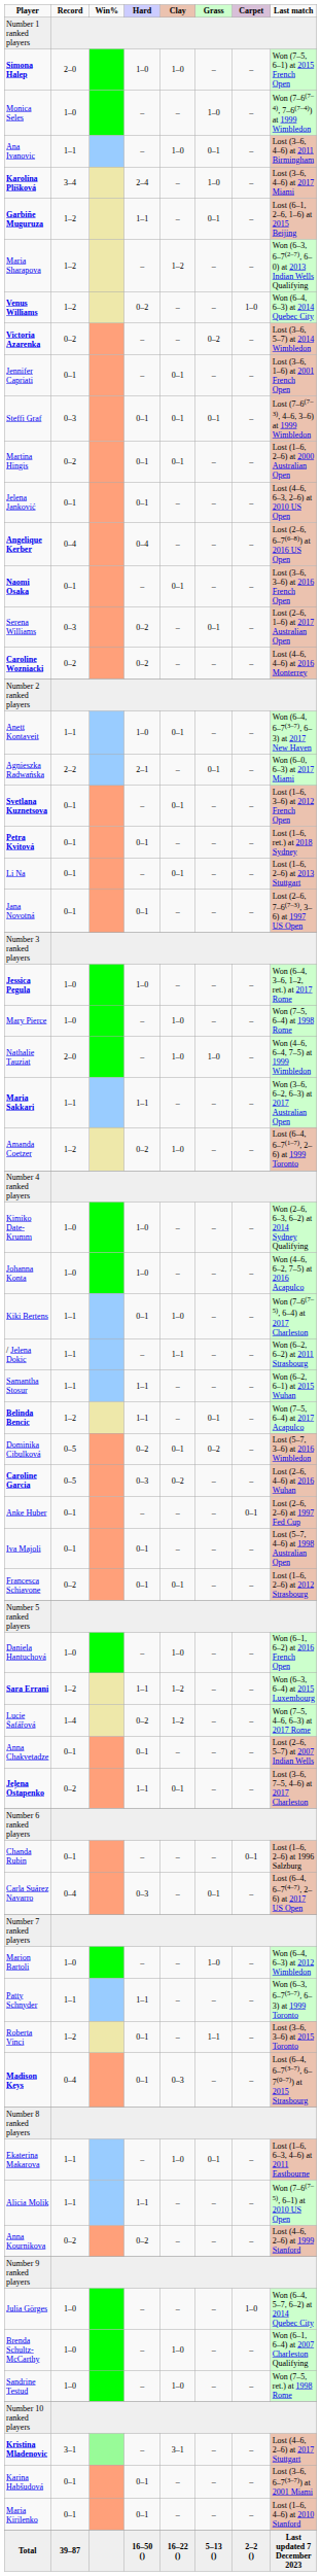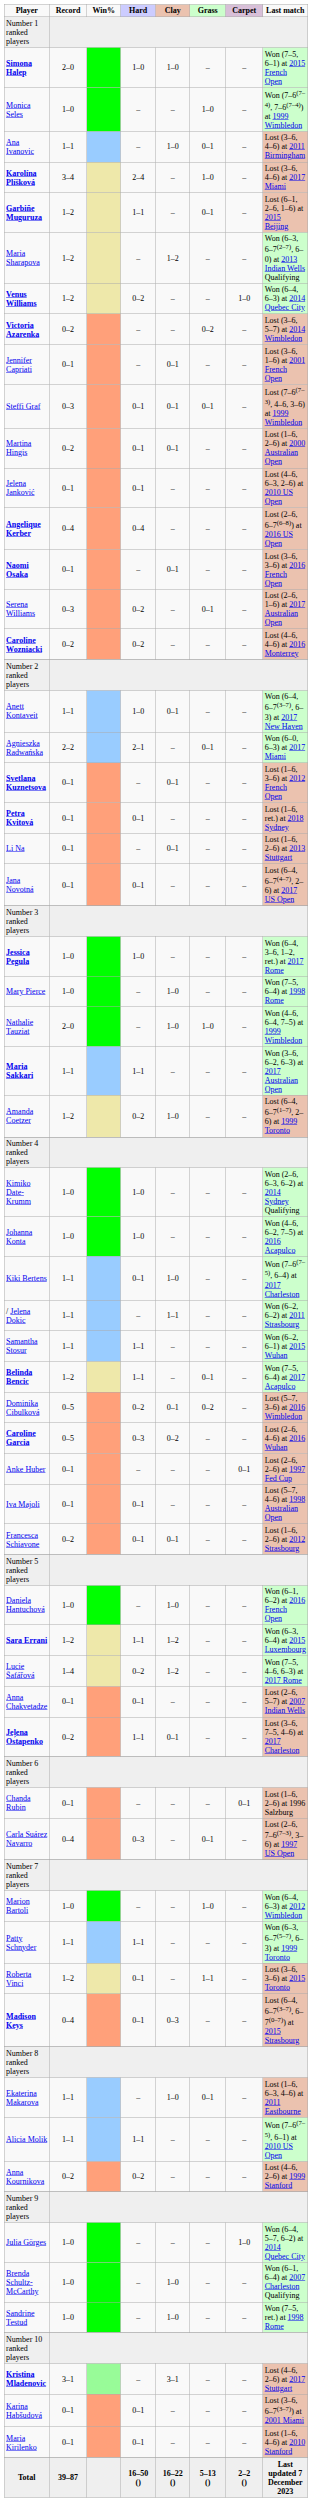 <table class="sortable wikitable" style=text-align:center>
 <tr>
 <td><strong>Player</strong></td>
 <td width=80><strong>Record</strong></td>
 <td width=70><strong>Win%</strong></td>
 <td width=80 bgcolor=CCCCFF><strong>Hard</strong></td>
 <td width=80 bgcolor=EBC2AF><strong>Clay</strong></td>
 <td width=80 bgcolor=CCFFCC><strong>Grass</strong></td>
 <td width=80 bgcolor=thistle><strong>Carpet</strong></td>
 <td><strong>Last match</strong></td>
 </tr>
 <tr bgcolor=efefef>
 <td align=left>Number 1 ranked players</td>
 <td colspan="8"></td>
 </tr>
 <tr>
 <td align=left><strong> <a href='#'>Simona Halep</a></strong></td>
 <td>2–0</td>
 <td bgcolor=lime></td>
 <td>1–0</td>
 <td>1–0</td>
 <td>–</td>
 <td>–</td>
 <td bgcolor=ccffcc align=left>Won (7–5, 6–1) at <a href='#'>2015 French Open</a></td>
 </tr>
 <tr>
 <td align=left> <a href='#'>Monica Seles</a></td>
 <td>1–0</td>
 <td bgcolor=lime></td>
 <td>–</td>
 <td>–</td>
 <td>1–0</td>
 <td>–</td>
 <td bgcolor=ccffcc align=left>Won (7–6<sup>(7–4)</sup>, 7–6<sup>(7–4)</sup>) at <a href='#'>1999 Wimbledon</a></td>
 </tr>
 <tr>
 <td align=left> <a href='#'>Ana Ivanovic</a></td>
 <td>1–1</td>
 <td bgcolor=99ccff></td>
 <td>–</td>
 <td>1–0</td>
 <td>0–1</td>
 <td>–</td>
 <td bgcolor=ebc2af align=left>Lost (3–6, 4–6) at <a href='#'>2011 Birmingham</a></td>
 </tr>
 <tr>
 <td align=left><strong> <a href='#'>Karolína Plíšková</a></strong></td>
 <td>3–4</td>
 <td bgcolor=eee8AA></td>
 <td>2–4</td>
 <td>–</td>
 <td>1–0</td>
 <td>–</td>
 <td bgcolor=ebc2af align=left>Lost (3–6, 4–6) at <a href='#'>2017 Miami</a></td>
 </tr>
 <tr>
 <td align=left><strong> <a href='#'>Garbiñe Muguruza</a></strong></td>
 <td>1–2</td>
 <td bgcolor=eee8AA></td>
 <td>1–1</td>
 <td>–</td>
 <td>0–1</td>
 <td>–</td>
 <td bgcolor=ebc2af align=left>Lost (6–1, 2–6, 1–6) at <a href='#'>2015 Beijing</a></td>
 </tr>
 <tr>
 <td align=left> <a href='#'>Maria Sharapova</a></td>
 <td>1–2</td>
 <td bgcolor=eee8AA></td>
 <td>–</td>
 <td>1–2</td>
 <td>–</td>
 <td>–</td>
 <td bgcolor=ccffcc align=left>Won (6–3, 6–7<sup>(2–7)</sup>, 6–0) at <a href='#'>2013 Indian Wells</a> Qualifying</td>
 </tr>
 <tr>
 <td align=left><strong> <a href='#'>Venus Williams</a></strong></td>
 <td>1–2</td>
 <td bgcolor=eee8AA></td>
 <td>0–2</td>
 <td>–</td>
 <td>–</td>
 <td>1–0</td>
 <td bgcolor=ccffcc align=left>Won (6–4, 6–3) at <a href='#'>2014 Quebec City</a></td>
 </tr>
 <tr>
 <td align=left><strong> <a href='#'>Victoria Azarenka</a></strong></td>
 <td>0–2</td>
 <td bgcolor=ffa07a></td>
 <td>–</td>
 <td>–</td>
 <td>0–2</td>
 <td>–</td>
 <td bgcolor=ebc2af align=left>Lost (3–6, 5–7) at <a href='#'>2014 Wimbledon</a></td>
 </tr>
 <tr>
 <td align=left> <a href='#'>Jennifer Capriati</a></td>
 <td>0–1</td>
 <td bgcolor=ffa07a></td>
 <td>–</td>
 <td>0–1</td>
 <td>–</td>
 <td>–</td>
 <td bgcolor=ebc2af align=left>Lost (3–6, 1–6) at <a href='#'>2001 French Open</a></td>
 </tr>
 <tr>
 <td align=left> <a href='#'>Steffi Graf</a></td>
 <td>0–3</td>
 <td bgcolor=ffa07a></td>
 <td>0–1</td>
 <td>0–1</td>
 <td>0–1</td>
 <td>–</td>
 <td bgcolor=ebc2af align=left>Lost (7–6<sup>(7–3)</sup>, 4–6, 3–6) at <a href='#'>1999 Wimbledon</a></td>
 </tr>
 <tr>
 <td align=left> <a href='#'>Martina Hingis</a></td>
 <td>0–2</td>
 <td bgcolor=ffa07a></td>
 <td>0–1</td>
 <td>0–1</td>
 <td>–</td>
 <td>–</td>
 <td bgcolor=ebc2af align=left>Lost (1–6, 2–6) at <a href='#'>2000 Australian Open</a></td>
 </tr>
 <tr>
 <td align=left> <a href='#'>Jelena Janković</a></td>
 <td>0–1</td>
 <td bgcolor=ffa07a></td>
 <td>0–1</td>
 <td>–</td>
 <td>–</td>
 <td>–</td>
 <td bgcolor=ebc2af align=left>Lost (4–6, 6–3, 2–6) at <a href='#'>2010 US Open</a></td>
 </tr>
 <tr>
 <td align=left><strong> <a href='#'>Angelique Kerber</a></strong></td>
 <td>0–4</td>
 <td bgcolor=ffa07a></td>
 <td>0–4</td>
 <td>–</td>
 <td>–</td>
 <td>–</td>
 <td bgcolor=ebc2af align=left>Lost (2–6, 6–7<sup>(6–8)</sup>) at <a href='#'>2016 US Open</a></td>
 </tr>
 <tr>
 <td align=left><strong> <a href='#'>Naomi Osaka</a></strong></td>
 <td>0–1</td>
 <td bgcolor=ffa07a></td>
 <td>–</td>
 <td>0–1</td>
 <td>–</td>
 <td>–</td>
 <td bgcolor=ebc2af align=left>Lost (3–6, 3–6) at <a href='#'>2016 French Open</a></td>
 </tr>
 <tr>
 <td align=left> <a href='#'>Serena Williams</a></td>
 <td>0–3</td>
 <td bgcolor=ffa07a></td>
 <td>0–2</td>
 <td>–</td>
 <td>0–1</td>
 <td>–</td>
 <td bgcolor=ebc2af align=left>Lost (2–6, 1–6) at <a href='#'>2017 Australian Open</a></td>
 </tr>
 <tr>
 <td align=left><strong> <a href='#'>Caroline Wozniacki</a></strong></td>
 <td>0–2</td>
 <td bgcolor=ffa07a></td>
 <td>0–2</td>
 <td>–</td>
 <td>–</td>
 <td>–</td>
 <td bgcolor=ebc2af align=left>Lost (4–6, 4–6) at <a href='#'>2016 Monterrey</a></td>
 </tr>
 <tr>
 </tr>
 <tr bgcolor=efefef>
 <td align=left>Number 2 ranked players</td>
 <td colspan="8"></td>
 </tr>
 <tr>
 <td align=left> <a href='#'>Anett Kontaveit</a></td>
 <td>1–1</td>
 <td bgcolor=99ccff></td>
 <td>1–0</td>
 <td>0–1</td>
 <td>–</td>
 <td>–</td>
 <td bgcolor=ccffcc align=left>Won (6–4, 6–7<sup>(3–7)</sup>, 6–3) at <a href='#'>2017 New Haven</a></td>
 </tr>
 <tr>
 <td align=left> <a href='#'>Agnieszka Radwańska</a></td>
 <td>2–2</td>
 <td bgcolor=99ccff></td>
 <td>2–1</td>
 <td>–</td>
 <td>0–1</td>
 <td>–</td>
 <td bgcolor=ccffcc align=left>Won (6–0, 6–3) at <a href='#'>2017 Miami</a></td>
 </tr>
 <tr>
 <td align=left><strong> <a href='#'>Svetlana Kuznetsova</a></strong></td>
 <td>0–1</td>
 <td bgcolor=ffa07a></td>
 <td>–</td>
 <td>0–1</td>
 <td>–</td>
 <td>–</td>
 <td bgcolor=ebc2af align=left>Lost (1–6, 3–6) at <a href='#'>2012 French Open</a></td>
 </tr>
 <tr>
 <td align=left><strong> <a href='#'>Petra Kvitová</a></strong></td>
 <td>0–1</td>
 <td bgcolor=ffa07a></td>
 <td>0–1</td>
 <td>–</td>
 <td>–</td>
 <td>–</td>
 <td bgcolor=ebc2af align=left>Lost (1–6, ret.) at <a href='#'>2018 Sydney</a></td>
 </tr>
 <tr>
 <td align=left> <a href='#'>Li Na</a></td>
 <td>0–1</td>
 <td bgcolor=ffa07a></td>
 <td>–</td>
 <td>0–1</td>
 <td>–</td>
 <td>–</td>
 <td bgcolor=ebc2af align=left>Lost (1–6, 2–6) at <a href='#'>2013 Stuttgart</a></td>
 </tr>
 <tr>
 <td align=left> <a href='#'>Jana Novotná</a></td>
 <td>0–1</td>
 <td bgcolor=ffa07a></td>
 <td>0–1</td>
 <td>–</td>
 <td>–</td>
 <td>–</td>
-<td bgcolor=ebc2af align=left>Lost (2–6, 7–6<sup>(7–3)</sup>, 3–6) at <a href='#'>1997 US Open</a></td>
+<td bgcolor=ebc2af align=left>Lost (6–4, 6–7<sup>(4–7)</sup>, 2–6) at <a href='#'>2017 US Open</a></td>
 </tr>
 <tr>
 </tr>
 <tr bgcolor=efefef>
 <td align=left>Number 3 ranked players</td>
 <td colspan="8"></td>
 </tr>
 <tr>
 <td align=left><strong> <a href='#'>Jessica Pegula</a></strong></td>
 <td>1–0</td>
 <td bgcolor=lime></td>
 <td>1–0</td>
 <td>–</td>
 <td>–</td>
 <td>–</td>
 <td bgcolor=ccffcc align=left>Won (6–4, 3–6, 1–2, ret.) at <a href='#'>2017 Rome</a></td>
 </tr>
 <tr>
 <td align=left> <a href='#'>Mary Pierce</a></td>
 <td>1–0</td>
 <td bgcolor=lime></td>
 <td>–</td>
 <td>1–0</td>
 <td>–</td>
 <td>–</td>
 <td bgcolor=ccffcc align=left>Won (7–5, 6–4) at <a href='#'>1998 Rome</a></td>
 </tr>
 <tr>
 <td align=left> <a href='#'>Nathalie Tauziat</a></td>
 <td>2–0</td>
 <td bgcolor=lime></td>
 <td>–</td>
 <td>1–0</td>
 <td>1–0</td>
 <td>–</td>
 <td bgcolor=ccffcc align=left>Won (4–6, 6–4, 7–5) at <a href='#'>1999 Wimbledon</a></td>
 </tr>
 <tr>
 <td align=left><strong> <a href='#'>Maria Sakkari</a></strong></td>
 <td>1–1</td>
 <td bgcolor=99ccff></td>
 <td>1–1</td>
 <td>–</td>
 <td>–</td>
 <td>–</td>
 <td bgcolor=ccffcc align=left>Won (3–6, 6–2, 6–3) at <a href='#'>2017 Australian Open</a></td>
 </tr>
 <tr>
 <td align=left> <a href='#'>Amanda Coetzer</a></td>
 <td>1–2</td>
 <td bgcolor=eee8AA></td>
 <td>0–2</td>
 <td>1–0</td>
 <td>–</td>
 <td>–</td>
 <td bgcolor=ebc2af align=left>Lost (6–4, 6–7<sup>(1–7)</sup>, 2–6) at <a href='#'>1999 Toronto</a></td>
 </tr>
 <tr>
 </tr>
 <tr bgcolor=efefef>
 <td align=left>Number 4 ranked players</td>
 <td colspan="8"></td>
 </tr>
 <tr>
 <td align=left> <a href='#'>Kimiko Date-Krumm</a></td>
 <td>1–0</td>
 <td bgcolor=lime></td>
 <td>1–0</td>
 <td>–</td>
 <td>–</td>
 <td>–</td>
 <td bgcolor=ccffcc align=left>Won (2–6, 6–3, 6–2) at <a href='#'>2014 Sydney</a> Qualifying</td>
 </tr>
 <tr>
 <td align=left> <a href='#'>Johanna Konta</a></td>
 <td>1–0</td>
 <td bgcolor=lime></td>
 <td>1–0</td>
 <td>–</td>
 <td>–</td>
 <td>–</td>
 <td bgcolor=ccffcc align=left>Won (4–6, 6–2, 7–5) at <a href='#'>2016 Acapulco</a></td>
 </tr>
 <tr>
 <td align=left> <a href='#'>Kiki Bertens</a></td>
 <td>1–1</td>
 <td bgcolor=99ccff></td>
 <td>0–1</td>
 <td>1–0</td>
 <td>–</td>
 <td>–</td>
 <td bgcolor=ccffcc align=left>Won (7–6<sup>(7–5)</sup>, 6–4) at <a href='#'>2017 Charleston</a></td>
 </tr>
 <tr>
 <td align=left>/ <a href='#'>Jelena Dokic</a></td>
 <td>1–1</td>
 <td bgcolor=99ccff></td>
 <td>–</td>
 <td>1–1</td>
 <td>–</td>
 <td>–</td>
 <td bgcolor=ccffcc align=left>Won (6–2, 6–2) at <a href='#'>2011 Strasbourg</a></td>
 </tr>
 <tr>
 <td align=left> <a href='#'>Samantha Stosur</a></td>
 <td>1–1</td>
 <td bgcolor=99ccff></td>
 <td>1–1</td>
 <td>–</td>
 <td>–</td>
 <td>–</td>
 <td bgcolor=ccffcc align=left>Won (6–2, 6–1) at <a href='#'>2015 Wuhan</a></td>
 </tr>
 <tr>
 <td align=left><strong> <a href='#'>Belinda Bencic</a></strong></td>
 <td>1–2</td>
 <td bgcolor=eee8AA></td>
 <td>1–1</td>
 <td>–</td>
 <td>0–1</td>
 <td>–</td>
 <td bgcolor=ccffcc align=left>Won (7–5, 6–4) at <a href='#'>2017 Acapulco</a></td>
 </tr>
 <tr>
 <td align=left> <a href='#'>Dominika Cibulková</a></td>
 <td>0–5</td>
 <td bgcolor=ffa07a></td>
 <td>0–2</td>
 <td>0–1</td>
 <td>0–2</td>
 <td>–</td>
 <td bgcolor=ebc2af align=left>Lost (5–7, 3–6) at <a href='#'>2016 Wimbledon</a></td>
 </tr>
 <tr>
 <td align=left><strong> <a href='#'>Caroline Garcia</a></strong></td>
 <td>0–5</td>
 <td bgcolor=ffa07a></td>
 <td>0–3</td>
 <td>0–2</td>
 <td>–</td>
 <td>–</td>
 <td bgcolor=ebc2af align=left>Lost (2–6, 4–6) at <a href='#'>2016 Wuhan</a></td>
 </tr>
 <tr>
 <td align=left> <a href='#'>Anke Huber</a></td>
 <td>0–1</td>
 <td bgcolor=ffa07a></td>
 <td>–</td>
 <td>–</td>
 <td>–</td>
 <td>0–1</td>
 <td bgcolor=ebc2af align=left>Lost (2–6, 2–6) at <a href='#'>1997 Fed Cup</a></td>
 </tr>
 <tr>
 <td align=left> <a href='#'>Iva Majoli</a></td>
 <td>0–1</td>
 <td bgcolor=ffa07a></td>
 <td>0–1</td>
 <td>–</td>
 <td>–</td>
 <td>–</td>
 <td bgcolor=ebc2af align=left>Lost (5–7, 4–6) at <a href='#'>1998 Australian Open</a></td>
 </tr>
 <tr>
 <td align=left> <a href='#'>Francesca Schiavone</a></td>
 <td>0–2</td>
 <td bgcolor=ffa07a></td>
 <td>0–1</td>
 <td>0–1</td>
 <td>–</td>
 <td>–</td>
 <td bgcolor=ebc2af align=left>Lost (1–6, 2–6) at <a href='#'>2012 Strasbourg</a></td>
 </tr>
 <tr>
 </tr>
 <tr bgcolor=efefef>
 <td align=left>Number 5 ranked players</td>
 <td colspan="8"></td>
 </tr>
 <tr>
 <td align=left> <a href='#'>Daniela Hantuchová</a></td>
 <td>1–0</td>
 <td bgcolor=lime></td>
 <td>–</td>
 <td>1–0</td>
 <td>–</td>
 <td>–</td>
 <td bgcolor=ccffcc align=left>Won (6–1, 6–2) at <a href='#'>2016 French Open</a></td>
 </tr>
 <tr>
 <td align=left><strong> <a href='#'>Sara Errani</a></strong></td>
 <td>1–2</td>
 <td bgcolor=eee8AA></td>
 <td>1–1</td>
 <td>1–2</td>
 <td>–</td>
 <td>–</td>
 <td bgcolor=ccffcc align=left>Won (6–3, 6–4) at <a href='#'>2015 Luxembourg</a></td>
 </tr>
 <tr>
 <td align=left> <a href='#'>Lucie Šafářová</a></td>
 <td>1–4</td>
 <td bgcolor=eee8AA></td>
 <td>0–2</td>
 <td>1–2</td>
 <td>–</td>
 <td>–</td>
 <td bgcolor=ccffcc align=left>Won (7–5, 4–6, 6–3) at <a href='#'>2017 Rome</a></td>
 </tr>
 <tr>
 <td align=left> <a href='#'>Anna Chakvetadze</a></td>
 <td>0–1</td>
 <td bgcolor=ffa07a></td>
 <td>0–1</td>
 <td>–</td>
 <td>–</td>
 <td>–</td>
 <td bgcolor=ebc2af align=left>Lost (2–6, 5–7) at <a href='#'>2007 Indian Wells</a></td>
 </tr>
 <tr>
 <td align=left><strong> <a href='#'>Jeļena Ostapenko</a></strong></td>
 <td>0–2</td>
 <td bgcolor=ffa07a></td>
 <td>1–1</td>
 <td>0–1</td>
 <td>–</td>
 <td>–</td>
 <td bgcolor=ebc2af align=left>Lost (3–6, 7–5, 4–6) at <a href='#'>2017 Charleston</a></td>
 </tr>
 <tr>
 </tr>
 <tr bgcolor=efefef>
 <td align=left>Number 6 ranked players</td>
 <td colspan="8"></td>
 </tr>
 <tr>
 <td align=left> <a href='#'>Chanda Rubin</a></td>
 <td>0–1</td>
 <td bgcolor=ffa07a></td>
 <td>–</td>
 <td>–</td>
 <td>–</td>
 <td>0–1</td>
 <td bgcolor=ebc2af align=left>Lost (1–6, 2–6) at 1996 Salzburg</td>
 </tr>
 <tr>
 <td align=left> <a href='#'>Carla Suárez Navarro</a></td>
 <td>0–4</td>
 <td bgcolor=ffa07a></td>
 <td>0–3</td>
 <td>–</td>
 <td>0–1</td>
 <td>–</td>
-<td bgcolor=ebc2af align=left>Lost (6–4, 6–7<sup>(4–7)</sup>, 2–6) at <a href='#'>2017 US Open</a></td>
+<td bgcolor=ebc2af align=left>Lost (2–6, 7–6<sup>(7–3)</sup>, 3–6) at <a href='#'>1997 US Open</a></td>
 </tr>
 <tr>
 </tr>
 <tr bgcolor=efefef>
 <td align=left>Number 7 ranked players</td>
 <td colspan="8"></td>
 </tr>
 <tr>
 <td align=left> <a href='#'>Marion Bartoli</a></td>
 <td>1–0</td>
 <td bgcolor=lime></td>
 <td>–</td>
 <td>–</td>
 <td>1–0</td>
 <td>–</td>
 <td bgcolor=ccffcc align=left>Won (6–4, 6–3) at <a href='#'>2012 Wimbledon</a></td>
 </tr>
 <tr>
 <td align=left> <a href='#'>Patty Schnyder</a></td>
 <td>1–1</td>
 <td bgcolor=99ccff></td>
 <td>1–1</td>
 <td>–</td>
 <td>–</td>
 <td>–</td>
 <td bgcolor=ccffcc align=left>Won (6–3, 6–7<sup>(5–7)</sup>, 6–3) at <a href='#'>1999 Toronto</a></td>
 </tr>
 <tr>
 <td align=left> <a href='#'>Roberta Vinci</a></td>
 <td>1–2</td>
 <td bgcolor=eee8AA></td>
 <td>0–1</td>
 <td>–</td>
 <td>1–1</td>
 <td>–</td>
 <td bgcolor=ebc2af align=left>Lost (3–6, 3–6) at <a href='#'>2015 Toronto</a></td>
 </tr>
 <tr>
 <td align=left><strong> <a href='#'>Madison Keys</a></strong></td>
 <td>0–4</td>
 <td bgcolor=ffa07a></td>
 <td>0–1</td>
 <td>0–3</td>
 <td>–</td>
 <td>–</td>
 <td bgcolor=ebc2af align=left>Lost (6–4, 6–7<sup>(3–7)</sup>, 6–7<sup>(0–7)</sup>) at <a href='#'>2015 Strasbourg</a></td>
 </tr>
 <tr>
 </tr>
 <tr bgcolor=efefef>
 <td align=left>Number 8 ranked players</td>
 <td colspan="8"></td>
 </tr>
 <tr>
 <td align=left> <a href='#'>Ekaterina Makarova</a></td>
 <td>1–1</td>
 <td bgcolor=99ccff></td>
 <td>–</td>
 <td>1–0</td>
 <td>0–1</td>
 <td>–</td>
 <td bgcolor=ebc2af align=left>Lost (1–6, 6–3, 4–6) at <a href='#'>2011 Eastbourne</a></td>
 </tr>
 <tr>
 <td align=left> <a href='#'>Alicia Molik</a></td>
 <td>1–1</td>
 <td bgcolor=99ccff></td>
 <td>1–1</td>
 <td>–</td>
 <td>–</td>
 <td>–</td>
 <td bgcolor=ccffcc align=left>Won (7–6<sup>(7–5)</sup>, 6–1) at <a href='#'>2010 US Open</a></td>
 </tr>
 <tr>
 <td align=left> <a href='#'>Anna Kournikova</a></td>
 <td>0–2</td>
 <td bgcolor=ffa07a></td>
 <td>0–2</td>
 <td>–</td>
 <td>–</td>
 <td>–</td>
 <td bgcolor=ebc2af align=left>Lost (4–6, 2–6) at <a href='#'>1999 Stanford</a></td>
 </tr>
 <tr>
 </tr>
 <tr bgcolor=efefef>
 <td align=left>Number 9 ranked players</td>
 <td colspan="8"></td>
 </tr>
 <tr>
 <td align=left> <a href='#'>Julia Görges</a></td>
 <td>1–0</td>
 <td bgcolor=lime></td>
 <td>–</td>
 <td>–</td>
 <td>–</td>
 <td>1–0</td>
 <td bgcolor=ccffcc align=left>Won (6–4, 5–7, 6–2) at <a href='#'>2014 Quebec City</a></td>
 </tr>
 <tr>
 <td align=left> <a href='#'>Brenda Schultz-McCarthy</a></td>
 <td>1–0</td>
 <td bgcolor=lime></td>
 <td>–</td>
 <td>1–0</td>
 <td>–</td>
 <td>–</td>
 <td bgcolor=ccffcc align=left>Won (6–1, 6–4) at <a href='#'>2007 Charleston</a> Qualifying</td>
 </tr>
 <tr>
 <td align=left> <a href='#'>Sandrine Testud</a></td>
 <td>1–0</td>
 <td bgcolor=lime></td>
 <td>–</td>
 <td>1–0</td>
 <td>–</td>
 <td>–</td>
 <td bgcolor=ccffcc align=left>Won (7–5, ret.) at <a href='#'>1998 Rome</a></td>
 </tr>
 <tr>
 </tr>
 <tr bgcolor=efefef>
 <td align=left>Number 10 ranked players</td>
 <td colspan="8"></td>
 </tr>
 <tr>
 <td align=left><strong> <a href='#'>Kristina Mladenovic</a></strong></td>
 <td>3–1</td>
 <td bgcolor=#98fb98></td>
 <td>–</td>
 <td>3–1</td>
 <td>–</td>
 <td>–</td>
 <td bgcolor=ebc2af align=left>Lost (4–6, 2–6) at <a href='#'>2017 Stuttgart</a></td>
 </tr>
 <tr>
 <td align=left> <a href='#'>Karina Habšudová</a></td>
 <td>0–1</td>
 <td bgcolor=ffa07a></td>
 <td>0–1</td>
 <td>–</td>
 <td>–</td>
 <td>–</td>
 <td bgcolor=ebc2af align=left>Lost (3–6, 6–7<sup>(3–7)</sup>) at <a href='#'>2001 Miami</a></td>
 </tr>
 <tr>
 <td align=left> <a href='#'>Maria Kirilenko</a></td>
 <td>0–1</td>
 <td bgcolor=ffa07a></td>
 <td>0–1</td>
 <td>–</td>
 <td>–</td>
 <td>–</td>
 <td bgcolor=ebc2af align=left>Lost (1–6, 4–6) at <a href='#'>2010 Stanford</a></td>
 </tr>
 <tr>
 </tr>
 <tr class=sortbottom style="font-weight:bold; background:#efefef;">
 <td>Total</td>
 <td>39–87</td>
 <td></td>
 <td>16–50 <br> ()</td>
 <td>16–22 <br> ()</td>
 <td>5–13 <br> ()</td>
 <td>2–2 <br> ()</td>
 <td>Last updated 7 December 2023</td>
 </tr>
 </table>
